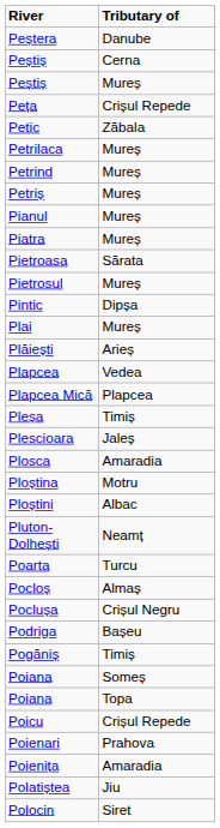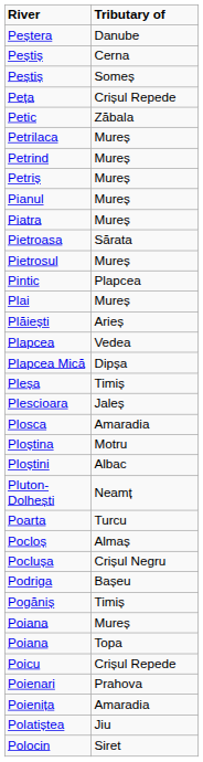 <table class="wikitable">
 <tr>
 <td width="100pt"><strong>River</strong></td>
 <td width="125pt"><strong>Tributary of</strong></td>
 </tr>
 <tr>
 <td><a href='#'>Peștera</a></td>
 <td>Danube</td>
 </tr>
 <tr>
 <td><a href='#'>Peștiș</a></td>
 <td>Cerna</td>
 </tr>
 <tr>
 <td><a href='#'>Peștiș</a></td>
-<td>Mureș</td>
+<td>Someș</td>
 </tr>
 <tr>
 <td><a href='#'>Peța</a></td>
 <td>Crișul Repede</td>
 </tr>
 <tr>
 <td><a href='#'>Petic</a></td>
 <td>Zăbala</td>
 </tr>
 <tr>
 <td><a href='#'>Petrilaca</a></td>
 <td>Mureș</td>
 </tr>
 <tr>
 <td><a href='#'>Petrind</a></td>
 <td>Mureș</td>
 </tr>
 <tr>
 <td><a href='#'>Petriș</a></td>
 <td>Mureș</td>
 </tr>
 <tr>
 <td><a href='#'>Pianul</a></td>
 <td>Mureș</td>
 </tr>
 <tr>
 <td><a href='#'>Piatra</a></td>
 <td>Mureș</td>
 </tr>
 <tr>
 <td><a href='#'>Pietroasa</a></td>
 <td>Sărata</td>
 </tr>
 <tr>
 <td><a href='#'>Pietrosul</a></td>
 <td>Mureș</td>
 </tr>
 <tr>
 <td><a href='#'>Pintic</a></td>
-<td>Dipșa</td>
+<td>Plapcea</td>
 </tr>
 <tr>
 <td><a href='#'>Plai</a></td>
 <td>Mureș</td>
 </tr>
 <tr>
 <td><a href='#'>Plăiești</a></td>
 <td>Arieș</td>
 </tr>
 <tr>
 <td><a href='#'>Plapcea</a></td>
 <td>Vedea</td>
 </tr>
 <tr>
 <td><a href='#'>Plapcea Mică</a></td>
-<td>Plapcea</td>
+<td>Dipșa</td>
 </tr>
 <tr>
 <td><a href='#'>Pleșa</a></td>
 <td>Timiș</td>
 </tr>
 <tr>
 <td><a href='#'>Plescioara</a></td>
 <td>Jaleș</td>
 </tr>
 <tr>
 <td><a href='#'>Plosca</a></td>
 <td>Amaradia</td>
 </tr>
 <tr>
 <td><a href='#'>Ploștina</a></td>
 <td>Motru</td>
 </tr>
 <tr>
 <td><a href='#'>Ploștini</a></td>
 <td>Albac</td>
 </tr>
 <tr>
 <td><a href='#'>Pluton-Dolhești</a></td>
 <td>Neamț</td>
 </tr>
 <tr>
 <td><a href='#'>Poarta</a></td>
 <td>Turcu</td>
 </tr>
 <tr>
 <td><a href='#'>Pocloș</a></td>
 <td>Almaș</td>
 </tr>
 <tr>
 <td><a href='#'>Poclușa</a></td>
 <td>Crișul Negru</td>
 </tr>
 <tr>
 <td><a href='#'>Podriga</a></td>
 <td>Bașeu</td>
 </tr>
 <tr>
 <td><a href='#'>Pogăniș</a></td>
 <td>Timiș</td>
 </tr>
 <tr>
 <td><a href='#'>Poiana</a></td>
-<td>Someș</td>
+<td>Mureș</td>
 </tr>
 <tr>
 <td><a href='#'>Poiana</a></td>
 <td>Topa</td>
 </tr>
 <tr>
 <td><a href='#'>Poicu</a></td>
 <td>Crișul Repede</td>
 </tr>
 <tr>
 <td><a href='#'>Poienari</a></td>
 <td>Prahova</td>
 </tr>
 <tr>
 <td><a href='#'>Poienița</a></td>
 <td>Amaradia</td>
 </tr>
 <tr>
 <td><a href='#'>Polatiștea</a></td>
 <td>Jiu</td>
 </tr>
 <tr>
 <td><a href='#'>Polocin</a></td>
 <td>Siret</td>
 </tr>
 </table>
